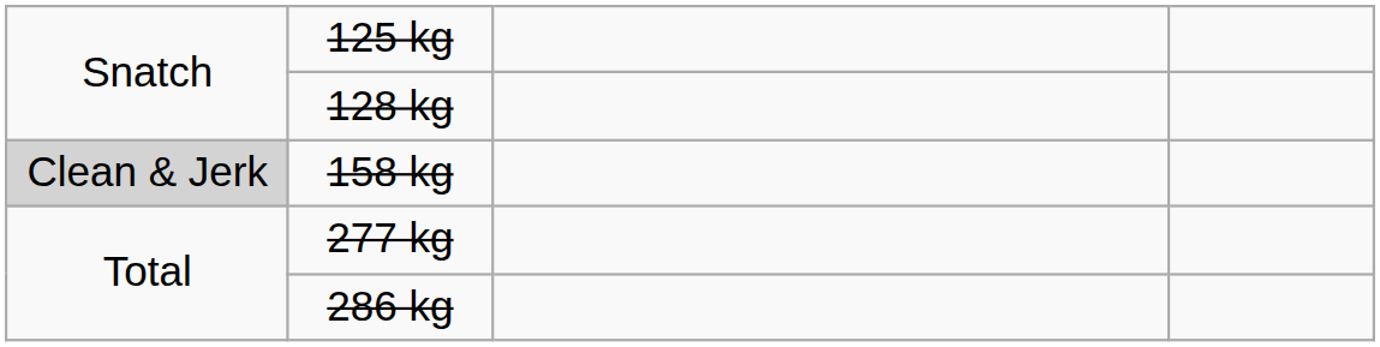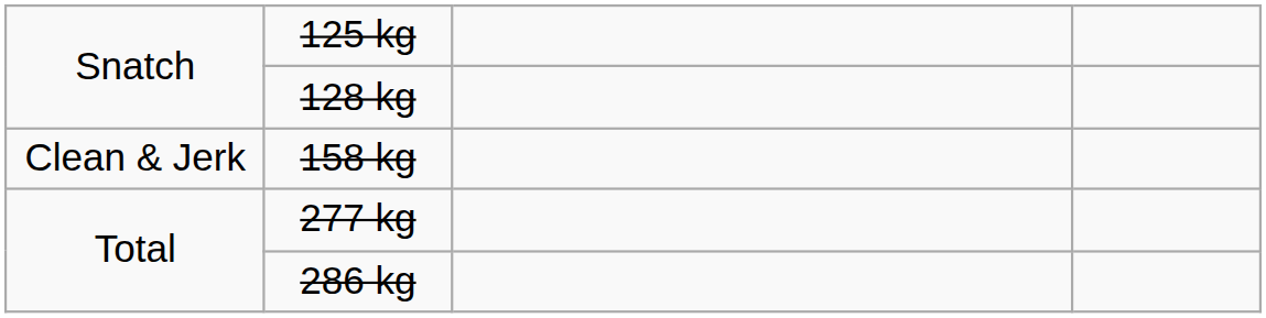 <table class = "wikitable" style="text-align:center;">
 <tr>
 <td rowspan=2 width=100>Snatch</td>
 <td width=70><s>125 kg</s></td>
 <td width=250 align=left><s></s></td>
 <td width=70><s></s></td>
 </tr>
 <tr>
 <td><s>128 kg</s></td>
 <td align=left><s></s></td>
 <td><s></s></td>
 </tr>
 <tr>
-<td style="background: lightgrey;">Clean & Jerk</td>
+<td>Clean & Jerk</td>
 <td><s>158 kg</s></td>
 <td align=left><s></s></td>
 <td><s></s></td>
 </tr>
 <tr>
 <td rowspan=2>Total</td>
 <td><s>277 kg</s></td>
 <td align=left><s></s></td>
 <td><s></s></td>
 </tr>
 <tr>
 <td><s>286 kg</s></td>
 <td align=left><s></s></td>
 <td><s></s></td>
 </tr>
 </table>
